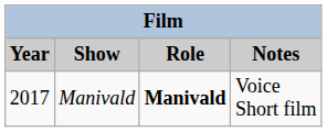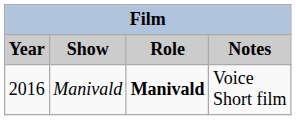 <table class="wikitable" style="font-size:90%;">
 <tr>
 <th colspan=4 style="background:#B0C4DE;">Film</th>
 </tr>
 <tr align="center">
 <th style="background: #CCCCCC;">Year</th>
 <th style="background: #CCCCCC;">Show</th>
 <th style="background: #CCCCCC;">Role</th>
 <th style="background: #CCCCCC;">Notes</th>
 </tr>
 <tr>
-<td>2017</td>
+<td>2016</td>
 <td><em>Manivald</em></td>
 <td><strong>Manivald</strong></td>
 <td>Voice<br> Short film</td>
 </tr>
 </table>
